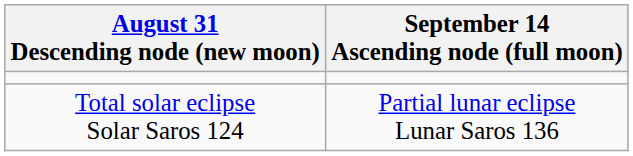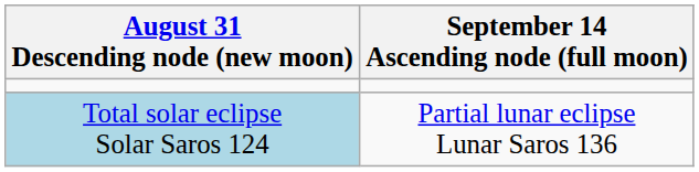 <table class="wikitable">
 <tr>
 <th><a href='#'>August 31</a><br>Descending node (new moon)</th>
 <th>September 14<br>Ascending node (full moon)</th>
 </tr>
 <tr>
 <td></td>
 <td></td>
 </tr>
 <tr align=center>
-<td><a href='#'>Total solar eclipse</a><br>Solar Saros 124</td>
+<td style="background: lightblue;"><a href='#'>Total solar eclipse</a><br>Solar Saros 124</td>
 <td><a href='#'>Partial lunar eclipse</a><br>Lunar Saros 136</td>
 </tr>
 </table>
